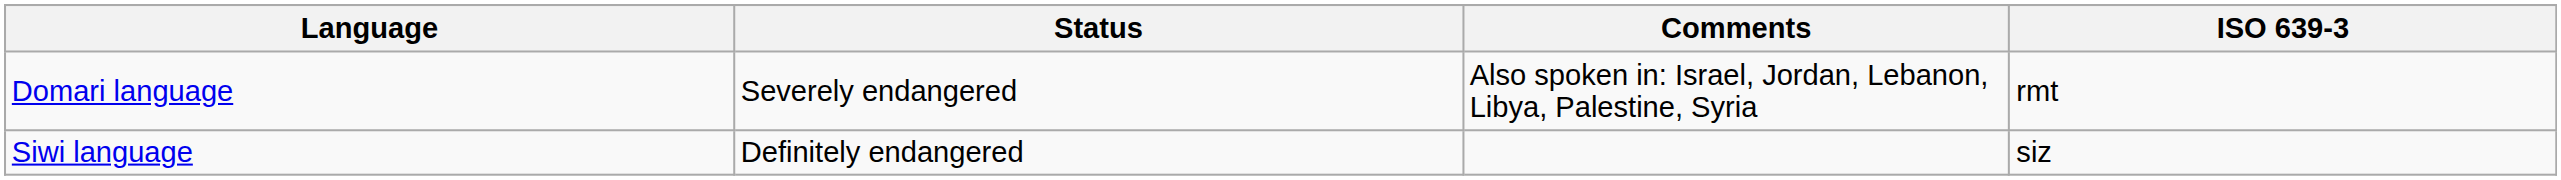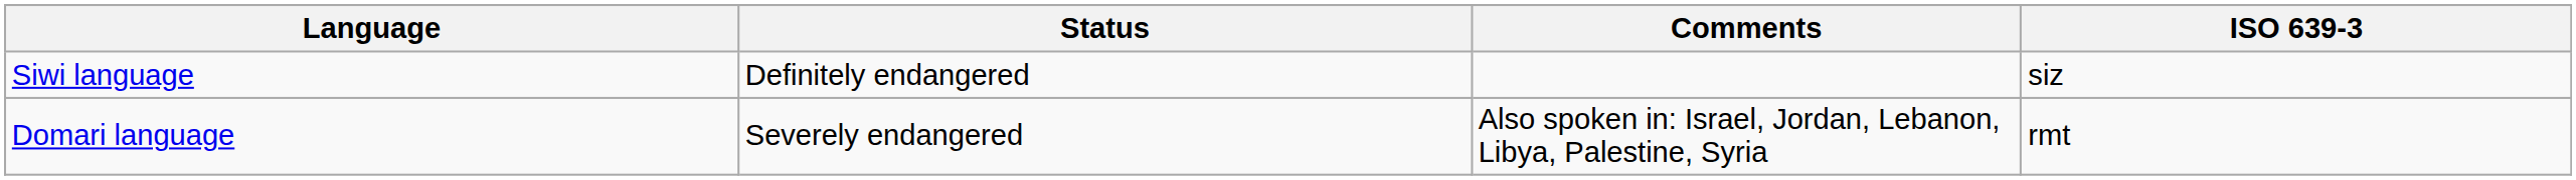 <table class="wikitable" style="margin:auto; font-size:90%;">
 <tr>
 </tr>
 <tr>
 <th style="width:20%;">Language</th>
 <th style="width:20%;">Status</th>
 <th style="width:15%;">Comments</th>
 <th style="width:15%;">ISO 639-3</th>
 </tr>
 <tr>
+<td><a href='#'>Siwi language</a></td>
+<td>Definitely endangered</td>
+<td> </td>
+<td>siz</td>
+</tr>
+<tr>
 <td><a href='#'>Domari language</a></td>
 <td>Severely endangered</td>
 <td>Also spoken in: Israel, Jordan, Lebanon, Libya, Palestine, Syria</td>
 <td>rmt</td>
 </tr>
-<tr>
-<td><a href='#'>Siwi language</a></td>
-<td>Definitely endangered</td>
-<td> </td>
-<td>siz</td>
-</tr>
 </table>
